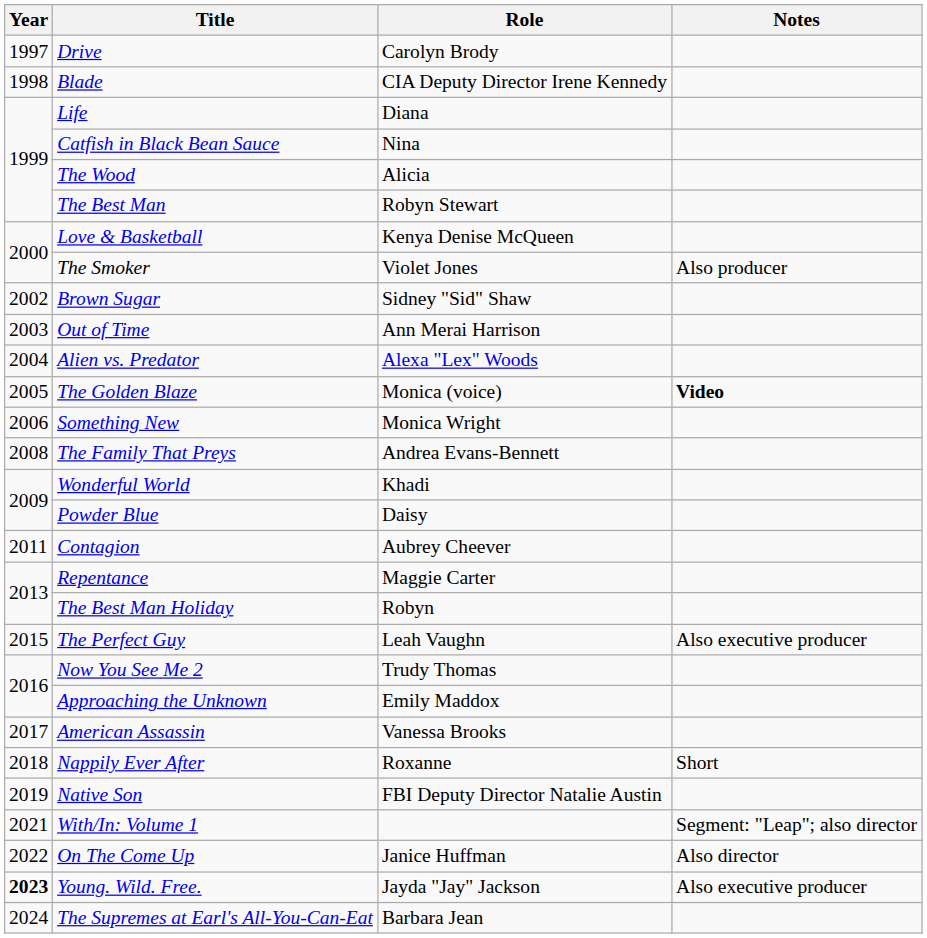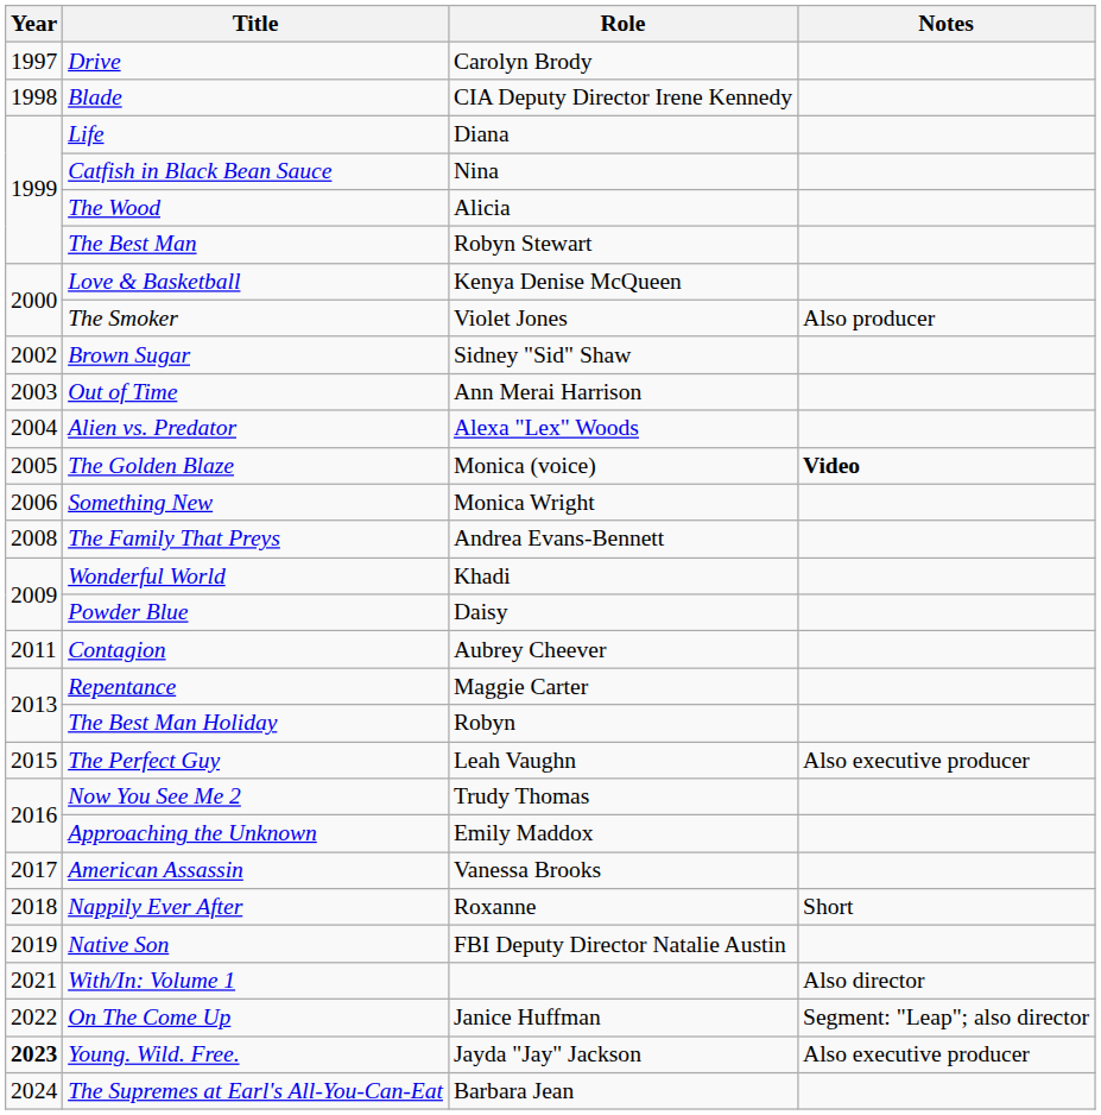 <table class="wikitable sortable">
 <tr>
 <th>Year</th>
 <th>Title</th>
 <th>Role</th>
 <th class="unsortable">Notes</th>
 </tr>
 <tr>
 <td>1997</td>
 <td><em><a href='#'>Drive</a></em></td>
 <td>Carolyn Brody</td>
 <td></td>
 </tr>
 <tr>
 <td>1998</td>
 <td><em><a href='#'>Blade</a></em></td>
 <td>CIA Deputy Director Irene Kennedy</td>
 <td></td>
 </tr>
 <tr>
 <td rowspan=4>1999</td>
 <td><em><a href='#'>Life</a></em></td>
 <td>Diana</td>
 <td></td>
 </tr>
 <tr>
 <td><em><a href='#'>Catfish in Black Bean Sauce</a></em></td>
 <td>Nina</td>
 <td></td>
 </tr>
 <tr>
 <td><em><a href='#'>The Wood</a></em></td>
 <td>Alicia</td>
 <td></td>
 </tr>
 <tr>
 <td><em><a href='#'>The Best Man</a></em></td>
 <td>Robyn Stewart</td>
 <td></td>
 </tr>
 <tr>
 <td rowspan=2>2000</td>
 <td><em><a href='#'>Love & Basketball</a></em></td>
 <td>Kenya Denise McQueen</td>
 <td></td>
 </tr>
 <tr>
 <td><em>The Smoker</em></td>
 <td>Violet Jones</td>
 <td>Also producer</td>
 </tr>
 <tr>
 <td>2002</td>
 <td><em><a href='#'>Brown Sugar</a></em></td>
 <td>Sidney "Sid" Shaw</td>
 <td></td>
 </tr>
 <tr>
 <td>2003</td>
 <td><em><a href='#'>Out of Time</a></em></td>
 <td>Ann Merai Harrison</td>
 <td></td>
 </tr>
 <tr>
 <td>2004</td>
 <td><em><a href='#'>Alien vs. Predator</a></em></td>
 <td><a href='#'>Alexa "Lex" Woods</a></td>
 <td></td>
 </tr>
 <tr>
 <td>2005</td>
 <td><em><a href='#'>The Golden Blaze</a></em></td>
 <td>Monica (voice)</td>
 <td><strong>Video</strong></td>
 </tr>
 <tr>
 <td>2006</td>
 <td><em><a href='#'>Something New</a></em></td>
 <td>Monica Wright</td>
 <td></td>
 </tr>
 <tr>
 <td>2008</td>
 <td><em><a href='#'>The Family That Preys</a></em></td>
 <td>Andrea Evans-Bennett</td>
 <td></td>
 </tr>
 <tr>
 <td rowspan=2>2009</td>
 <td><em><a href='#'>Wonderful World</a></em></td>
 <td>Khadi</td>
 <td></td>
 </tr>
 <tr>
 <td><em><a href='#'>Powder Blue</a></em></td>
 <td>Daisy</td>
 <td></td>
 </tr>
 <tr>
 <td>2011</td>
 <td><em><a href='#'>Contagion</a></em></td>
 <td>Aubrey Cheever</td>
 <td></td>
 </tr>
 <tr>
 <td rowspan=2>2013</td>
 <td><em><a href='#'>Repentance</a></em></td>
 <td>Maggie Carter</td>
 <td></td>
 </tr>
 <tr>
 <td><em><a href='#'>The Best Man Holiday</a></em></td>
 <td>Robyn</td>
 <td></td>
 </tr>
 <tr>
 <td>2015</td>
 <td><em><a href='#'>The Perfect Guy</a></em></td>
 <td>Leah Vaughn</td>
 <td>Also executive producer</td>
 </tr>
 <tr>
 <td rowspan=2>2016</td>
 <td><em><a href='#'>Now You See Me 2</a></em></td>
 <td>Trudy Thomas</td>
 <td></td>
 </tr>
 <tr>
 <td><em><a href='#'>Approaching the Unknown</a></em></td>
 <td>Emily Maddox</td>
 <td></td>
 </tr>
 <tr>
 <td>2017</td>
 <td><em><a href='#'>American Assassin</a></em></td>
 <td>Vanessa Brooks</td>
 <td></td>
 </tr>
 <tr>
 <td>2018</td>
 <td><em><a href='#'>Nappily Ever After</a></em></td>
 <td>Roxanne</td>
 <td>Short</td>
 </tr>
 <tr>
 <td>2019</td>
 <td><em><a href='#'>Native Son</a></em></td>
 <td>FBI Deputy Director Natalie Austin</td>
 <td></td>
 </tr>
 <tr>
 <td>2021</td>
 <td><em><a href='#'>With/In: Volume 1</a></em></td>
 <td></td>
-<td>Segment: "Leap"; also director</td>
+<td>Also director</td>
 </tr>
 <tr>
 <td>2022</td>
 <td><em><a href='#'>On The Come Up</a></em></td>
 <td>Janice Huffman</td>
-<td>Also director</td>
+<td>Segment: "Leap"; also director</td>
 </tr>
 <tr>
 <td><strong>2023</strong></td>
 <td><em><a href='#'>Young. Wild. Free.</a></em></td>
 <td>Jayda "Jay" Jackson</td>
 <td>Also executive producer</td>
 </tr>
 <tr>
 <td>2024</td>
 <td><em><a href='#'>The Supremes at Earl's All-You-Can-Eat</a></em></td>
 <td>Barbara Jean</td>
 <td></td>
 </tr>
 </table>
